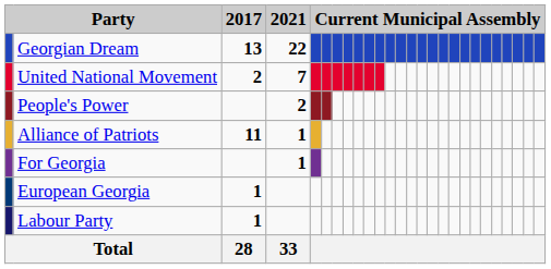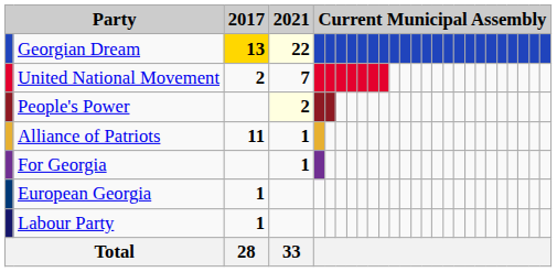 <table class="wikitable">
 <tr>
 <th style="background:#ccc" colspan="2">Party</th>
 <th style="background:#ccc">2017</th>
 <th style="background:#ccc">2021</th>
 <th colspan="42" style="background:#ccc">Current Municipal Assembly</th>
 </tr>
 <tr>
 <td style="background-color: #2044bc"></td>
 <td><a href='#'>Georgian Dream</a></td>
-<td style="text-align: right"><strong>13</strong></td>
-<td style="text-align: right"><strong>22</strong></td>
+<td style="background: gold; text-align: right"><strong>13</strong></td>
+<td style="background: lightyellow; text-align: right"><strong>22</strong></td>
 <td style="background-color: #2044bc"></td>
 <td style="background-color: #2044bc"></td>
 <td style="background-color: #2044bc"></td>
 <td style="background-color: #2044bc"></td>
 <td style="background-color: #2044bc"></td>
 <td style="background-color: #2044bc"></td>
 <td style="background-color: #2044bc"></td>
 <td style="background-color: #2044bc"></td>
 <td style="background-color: #2044bc"></td>
 <td style="background-color: #2044bc"></td>
 <td style="background-color: #2044bc"></td>
 <td style="background-color: #2044bc"></td>
 <td style="background-color: #2044bc"></td>
 <td style="background-color: #2044bc"></td>
 <td style="background-color: #2044bc"></td>
 <td style="background-color: #2044bc"></td>
 <td style="background-color: #2044bc"></td>
 <td style="background-color: #2044bc"></td>
 <td style="background-color: #2044bc"></td>
 <td style="background-color: #2044bc"></td>
 <td style="background-color: #2044bc"></td>
 <td style="background-color: #2044bc"></td>
 </tr>
 <tr>
 <td style="background-color: #e4012e"></td>
 <td><a href='#'>United National Movement</a></td>
 <td style="text-align: right"><strong>2</strong></td>
 <td style="text-align: right"><strong>7</strong></td>
 <td style="background-color: #e4012e"></td>
 <td style="background-color: #e4012e"></td>
 <td style="background-color: #e4012e"></td>
 <td style="background-color: #e4012e"></td>
 <td style="background-color: #e4012e"></td>
 <td style="background-color: #e4012e"></td>
 <td style="background-color: #e4012e"></td>
 <td></td>
 <td></td>
 <td></td>
 <td></td>
 <td></td>
 <td></td>
 <td></td>
 <td></td>
 <td></td>
 <td></td>
 <td></td>
 <td></td>
 <td></td>
 <td></td>
 <td></td>
 </tr>
 <tr>
 <td style="background-color: #8e1922 "></td>
 <td><a href='#'>People's Power</a></td>
 <td></td>
-<td style="text-align: right"><strong>2</strong></td>
+<td style="background: lightyellow; text-align: right"><strong>2</strong></td>
 <td style="background-color: #8e1922"></td>
 <td style="background-color: #8e1922"></td>
 <td></td>
 <td></td>
 <td></td>
 <td></td>
 <td></td>
 <td></td>
 <td></td>
 <td></td>
 <td></td>
 <td></td>
 <td></td>
 <td></td>
 <td></td>
 <td></td>
 <td></td>
 <td></td>
 <td></td>
 <td></td>
 <td></td>
 <td></td>
 </tr>
 <tr>
 <td style="background-color: #e7b031"></td>
 <td><a href='#'>Alliance of Patriots</a></td>
 <td style="text-align: right"><strong>11</strong></td>
 <td style="text-align: right"><strong>1</strong></td>
 <td style="background-color: #e7b031"></td>
 <td></td>
 <td></td>
 <td></td>
 <td></td>
 <td></td>
 <td></td>
 <td></td>
 <td></td>
 <td></td>
 <td></td>
 <td></td>
 <td></td>
 <td></td>
 <td></td>
 <td></td>
 <td></td>
 <td></td>
 <td></td>
 <td></td>
 <td></td>
 <td></td>
 </tr>
 <tr>
 <td style="background-color: #702F92"></td>
 <td><a href='#'>For Georgia</a></td>
 <td></td>
 <td style="text-align: right"><strong>1</strong></td>
 <td style="background-color: #702f92"></td>
 <td></td>
 <td></td>
 <td></td>
 <td></td>
 <td></td>
 <td></td>
 <td></td>
 <td></td>
 <td></td>
 <td></td>
 <td></td>
 <td></td>
 <td></td>
 <td></td>
 <td></td>
 <td></td>
 <td></td>
 <td></td>
 <td></td>
 <td></td>
 <td></td>
 </tr>
 <tr>
 <td style="background-color: #003876"></td>
 <td><a href='#'>European Georgia</a></td>
 <td style="text-align: right"><strong>1</strong></td>
 <td></td>
 <td></td>
 <td></td>
 <td></td>
 <td></td>
 <td></td>
 <td></td>
 <td></td>
 <td></td>
 <td></td>
 <td></td>
 <td></td>
 <td></td>
 <td></td>
 <td></td>
 <td></td>
 <td></td>
 <td></td>
 <td></td>
 <td></td>
 <td></td>
 <td></td>
 <td></td>
 </tr>
 <tr>
 <td style="background-color: #16166b"></td>
 <td><a href='#'>Labour Party</a></td>
 <td style="text-align: right"><strong>1</strong></td>
 <td></td>
 <td></td>
 <td></td>
 <td></td>
 <td></td>
 <td></td>
 <td></td>
 <td></td>
 <td></td>
 <td></td>
 <td></td>
 <td></td>
 <td></td>
 <td></td>
 <td></td>
 <td></td>
 <td></td>
 <td></td>
 <td></td>
 <td></td>
 <td></td>
 <td></td>
 <td></td>
 </tr>
 <tr>
 <th colspan=2>Total</th>
 <th align=right>28</th>
 <th align=right>33</th>
 <th colspan="42"></th>
 </tr>
 </table>
